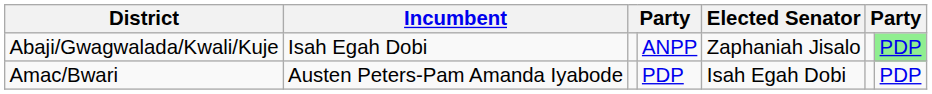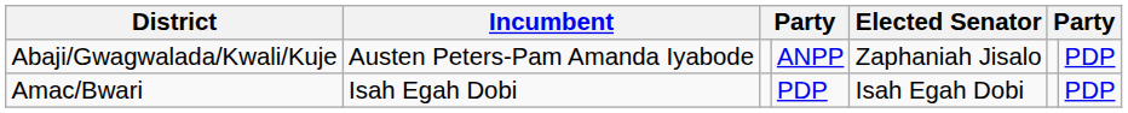 <table class="sortable wikitable" style="font-size:95%;line-height:14px;">
 <tr>
 <th class="unsortable">District</th>
 <th class="unsortable"><a href='#'>Incumbent</a></th>
 <th colspan="2">Party</th>
 <th class="unsortable">Elected Senator</th>
 <th colspan="2">Party</th>
 </tr>
 <tr>
 <td>Abaji/Gwagwalada/Kwali/Kuje</td>
-<td>Isah Egah Dobi</td>
+<td>Austen Peters-Pam Amanda Iyabode</td>
 <td style="background:"></td>
 <td><a href='#'>ANPP</a></td>
 <td>Zaphaniah Jisalo</td>
 <td style="background:"></td>
-<td style="background: lightgreen;"><a href='#'>PDP</a></td>
+<td><a href='#'>PDP</a></td>
 </tr>
 <tr>
 <td>Amac/Bwari</td>
-<td>Austen Peters-Pam Amanda Iyabode</td>
+<td>Isah Egah Dobi</td>
 <td style="background:"></td>
 <td><a href='#'>PDP</a></td>
 <td>Isah Egah Dobi</td>
 <td style="background:"></td>
 <td><a href='#'>PDP</a></td>
 </tr>
 </table>
